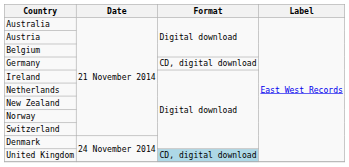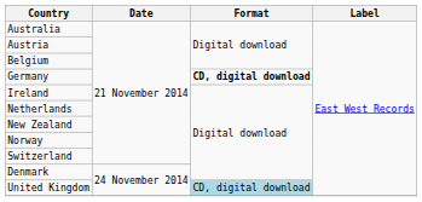 <table class="wikitable sortable">
 <tr>
 <th>Country</th>
 <th>Date</th>
 <th>Format</th>
 <th>Label</th>
 </tr>
 <tr>
 <td>Australia</td>
 <td rowspan="9">21 November 2014</td>
 <td rowspan="3">Digital download</td>
 <td rowspan="11"><a href='#'>East West Records</a></td>
 </tr>
 <tr>
 <td>Austria</td>
 </tr>
 <tr>
 <td>Belgium</td>
 </tr>
 <tr>
 <td>Germany</td>
-<td>CD, digital download</td>
+<td><strong>CD, digital download</strong></td>
 </tr>
 <tr>
 <td>Ireland</td>
 <td rowspan="6">Digital download</td>
 </tr>
 <tr>
 <td>Netherlands</td>
 </tr>
 <tr>
 <td>New Zealand</td>
 </tr>
 <tr>
 <td>Norway</td>
 </tr>
 <tr>
 <td>Switzerland</td>
 </tr>
 <tr>
 <td>Denmark</td>
 <td rowspan="2">24 November 2014</td>
 </tr>
 <tr>
 <td>United Kingdom</td>
 <td style="background: lightblue;">CD, digital download</td>
 </tr>
 <tr>
 </tr>
 </table>
